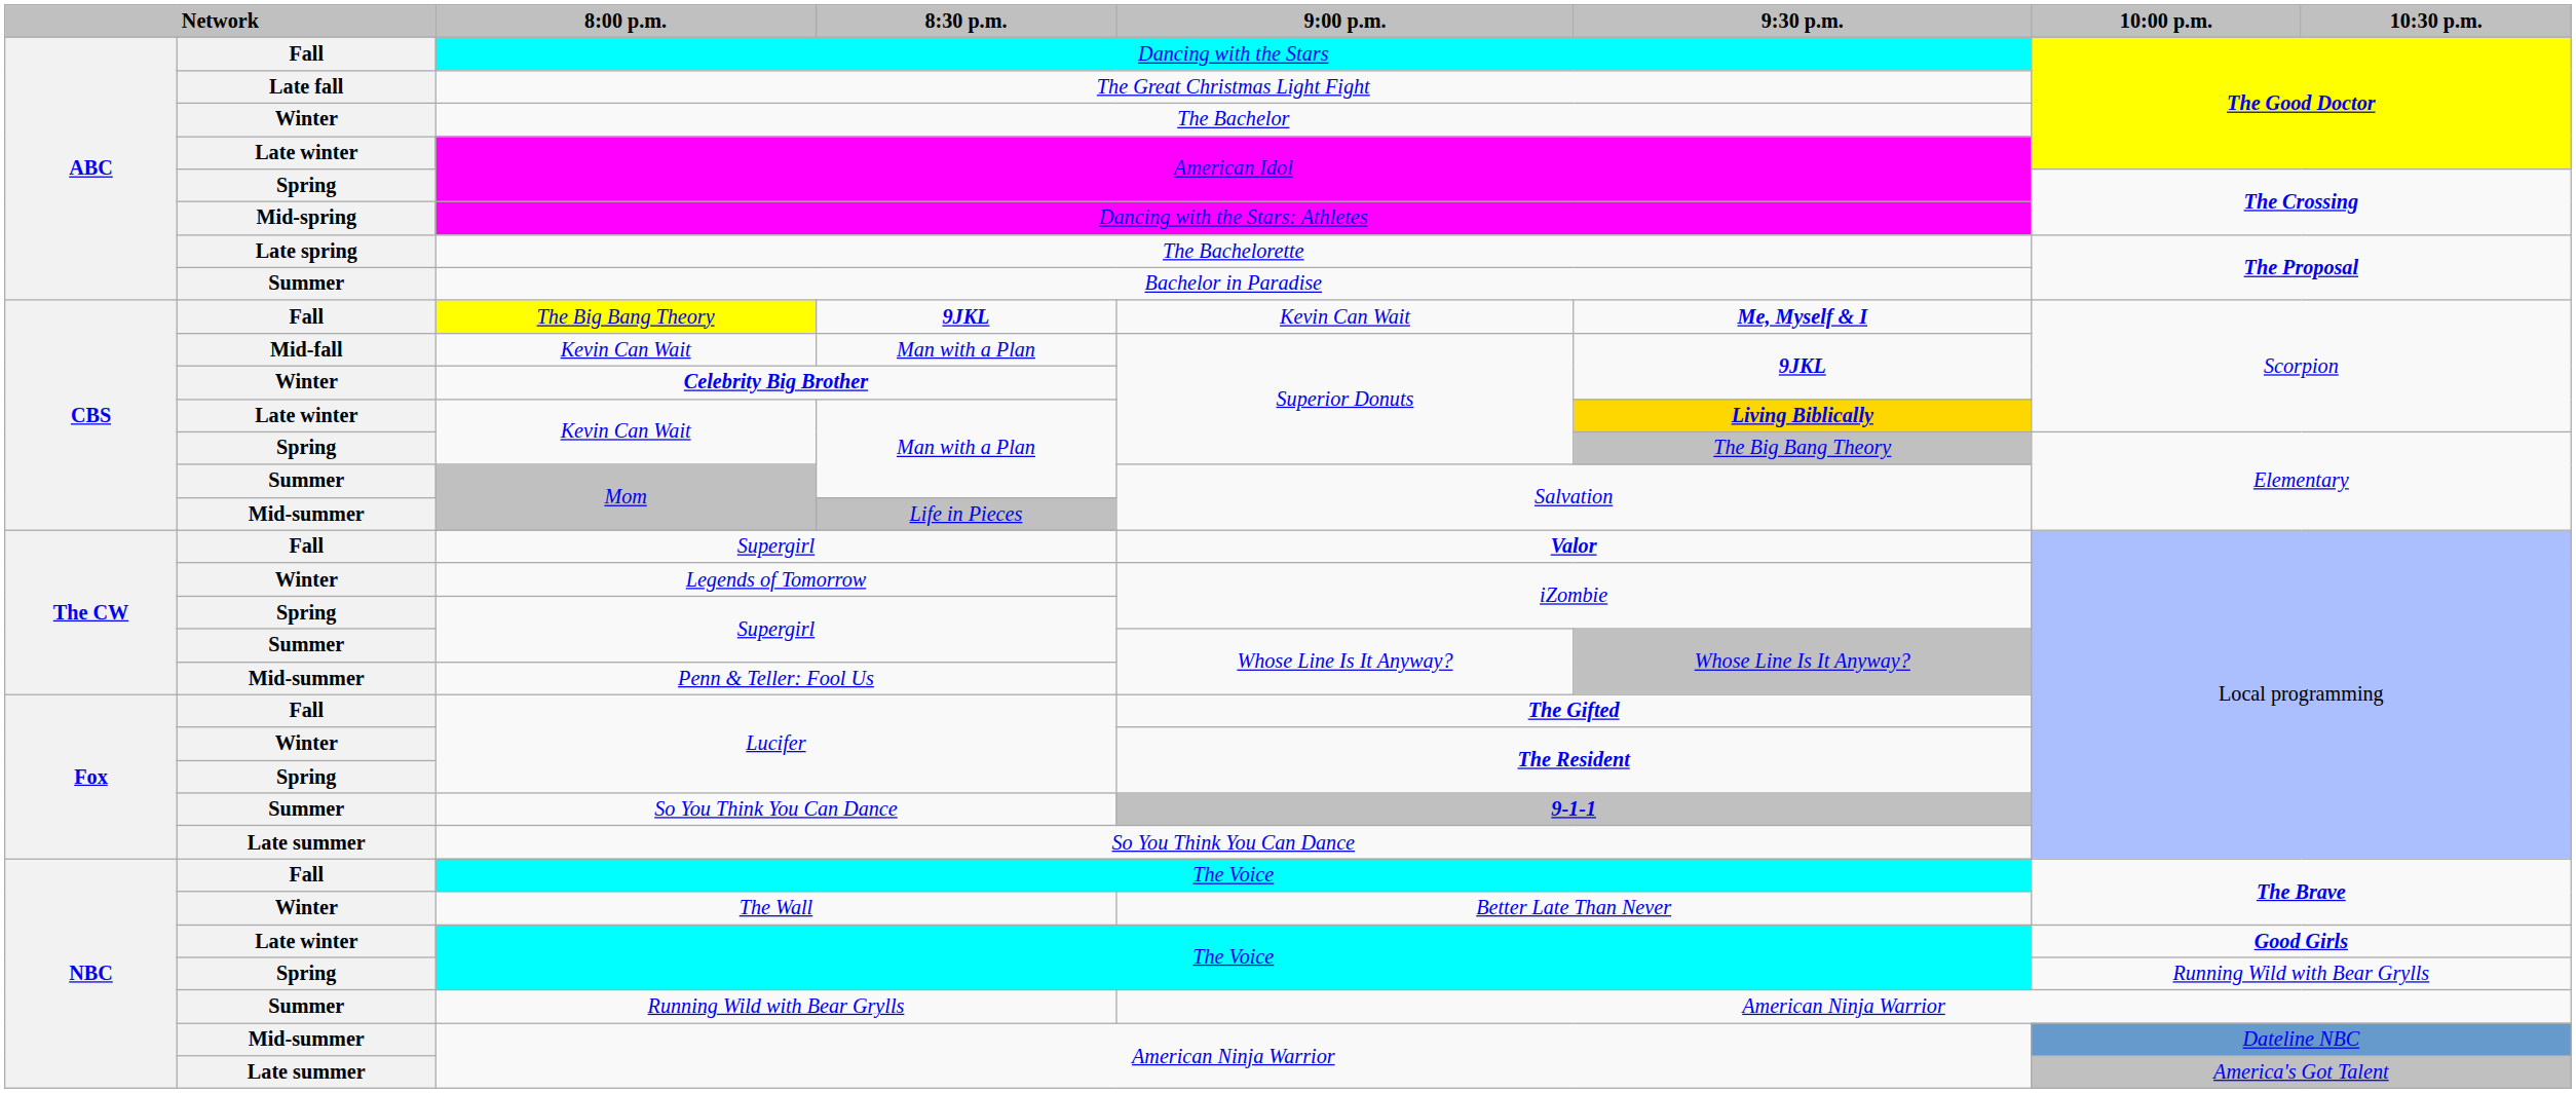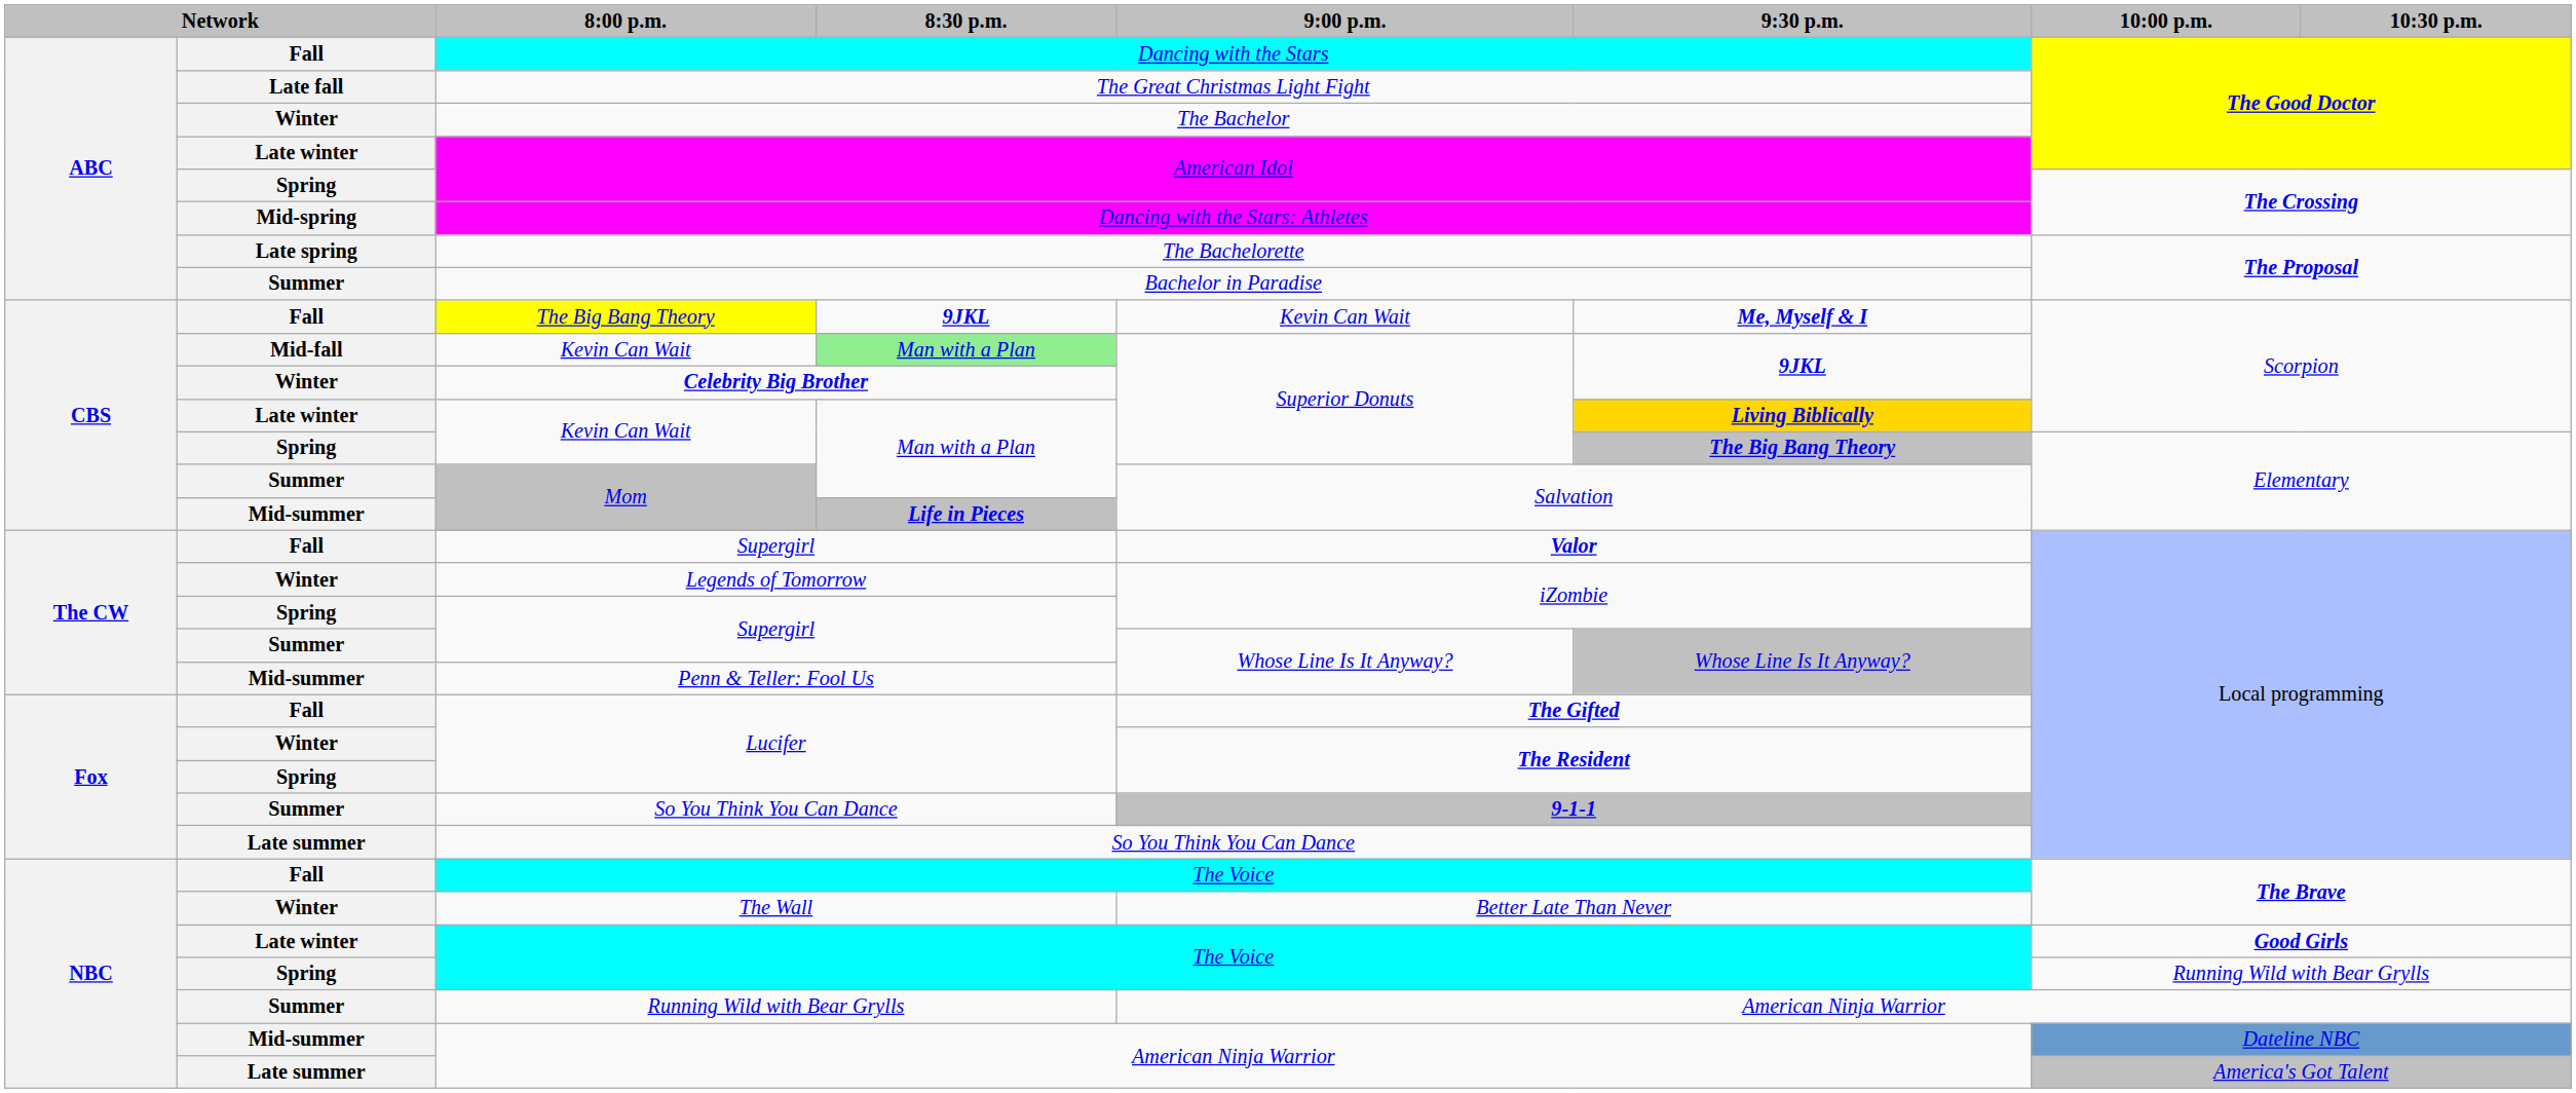 <table class="wikitable" style="width:100%;margin-right:0;text-align:center">
 <tr>
 <th colspan="2" style="background-color:#C0C0C0;text-align:center">Network</th>
 <th style="background-color:#C0C0C0;text-align:center">8:00 p.m.</th>
 <th style="background-color:#C0C0C0;text-align:center">8:30 p.m.</th>
 <th style="background-color:#C0C0C0;text-align:center">9:00 p.m.</th>
 <th style="background-color:#C0C0C0;text-align:center">9:30 p.m.</th>
 <th style="background-color:#C0C0C0;text-align:center">10:00 p.m.</th>
 <th style="background-color:#C0C0C0;text-align:center">10:30 p.m.</th>
 </tr>
 <tr>
 <th rowspan="8"><a href='#'>ABC</a></th>
 <th>Fall</th>
 <td colspan="4" style="background:#00FFFF;"><em><a href='#'>Dancing with the Stars</a></em> </td>
 <td rowspan="4" colspan="2" style="background:#FFFF00;"><strong><em><a href='#'>The Good Doctor</a></em></strong> </td>
 </tr>
 <tr>
 <th>Late fall</th>
 <td colspan="4"><em><a href='#'>The Great Christmas Light Fight</a></em></td>
 </tr>
 <tr>
 <th>Winter</th>
 <td colspan="4"><em><a href='#'>The Bachelor</a></em></td>
 </tr>
 <tr>
 <th>Late winter</th>
 <td rowspan="2" colspan="4" style="background:#FF00FF;"><em><a href='#'>American Idol</a></em> </td>
 </tr>
 <tr>
 <th>Spring</th>
 <td rowspan="2" colspan="2"><strong><em><a href='#'>The Crossing</a></em></strong></td>
 </tr>
 <tr>
 <th>Mid-spring</th>
 <td colspan="4" style="background:#FF00FF;"><em><a href='#'>Dancing with the Stars: Athletes</a></em> </td>
 </tr>
 <tr>
 <th>Late spring</th>
 <td colspan="4"><em><a href='#'>The Bachelorette</a></em></td>
 <td rowspan="2" colspan="2"><strong><em><a href='#'>The Proposal</a></em></strong></td>
 </tr>
 <tr>
 <th>Summer</th>
 <td colspan="4"><em><a href='#'>Bachelor in Paradise</a></em></td>
 </tr>
 <tr>
 <th rowspan="7"><a href='#'>CBS</a></th>
 <th>Fall</th>
 <td style="background:#FFFF00;"><em><a href='#'>The Big Bang Theory</a></em> </td>
 <td><strong><em><a href='#'>9JKL</a></em></strong></td>
 <td><em><a href='#'>Kevin Can Wait</a></em></td>
 <td><strong><em><a href='#'>Me, Myself & I</a></em></strong></td>
 <td rowspan="4" colspan="2"><em><a href='#'>Scorpion</a></em></td>
 </tr>
 <tr>
 <th>Mid-fall</th>
 <td><em><a href='#'>Kevin Can Wait</a></em></td>
-<td><em><a href='#'>Man with a Plan</a></em></td>
+<td style="background: lightgreen;"><em><a href='#'>Man with a Plan</a></em></td>
 <td rowspan="4"><em><a href='#'>Superior Donuts</a></em></td>
 <td rowspan="2"><strong><em><a href='#'>9JKL</a></em></strong></td>
 </tr>
 <tr>
 <th>Winter</th>
 <td colspan="2"><strong><em><a href='#'>Celebrity Big Brother</a></em></strong></td>
 </tr>
 <tr>
 <th>Late winter</th>
 <td rowspan="2"><em><a href='#'>Kevin Can Wait</a></em></td>
 <td rowspan="3"><em><a href='#'>Man with a Plan</a></em></td>
 <td style="background: gold;"><strong><em><a href='#'>Living Biblically</a></em></strong></td>
 </tr>
 <tr>
 <th>Spring</th>
-<td style="background:#C0C0C0;"><em><a href='#'>The Big Bang Theory</a></em> </td>
+<td style="background:#C0C0C0;"><strong><em><a href='#'>The Big Bang Theory</a></em> </strong></td>
 <td rowspan="3" colspan="2"><em><a href='#'>Elementary</a></em></td>
 </tr>
 <tr>
 <th>Summer</th>
 <td style="background:#C0C0C0;" rowspan="2"><em><a href='#'>Mom</a></em> </td>
 <td rowspan="2" colspan="2"><em><a href='#'>Salvation</a></em></td>
 </tr>
 <tr>
 <th>Mid-summer</th>
-<td style="background:#C0C0C0;"><em><a href='#'>Life in Pieces</a></em> </td>
+<td style="background:#C0C0C0;"><strong><em><a href='#'>Life in Pieces</a></em> </strong></td>
 </tr>
 <tr>
 <th rowspan="5"><a href='#'>The CW</a></th>
 <th>Fall</th>
 <td colspan="2"><em><a href='#'>Supergirl</a></em></td>
 <td colspan="2"><strong><em><a href='#'>Valor</a></em></strong></td>
 <td rowspan="10" colspan="2" style="background:#abbfff;">Local programming</td>
 </tr>
 <tr>
 <th>Winter</th>
 <td colspan="2"><em><a href='#'>Legends of Tomorrow</a></em></td>
 <td rowspan="2" colspan="2"><em><a href='#'>iZombie</a></em></td>
 </tr>
 <tr>
 <th>Spring</th>
 <td rowspan="2" colspan="2"><em><a href='#'>Supergirl</a></em></td>
 </tr>
 <tr>
 <th>Summer</th>
 <td rowspan="2"><em><a href='#'>Whose Line Is It Anyway?</a></em></td>
 <td style="background:#C0C0C0;" rowspan="2"><em><a href='#'>Whose Line Is It Anyway?</a></em> </td>
 </tr>
 <tr>
 <th>Mid-summer</th>
 <td colspan="2"><em><a href='#'>Penn & Teller: Fool Us</a></em></td>
 </tr>
 <tr>
 <th rowspan="5"><a href='#'>Fox</a></th>
 <th>Fall</th>
 <td rowspan="3" colspan="2"><em><a href='#'>Lucifer</a></em></td>
 <td colspan="2"><strong><em><a href='#'>The Gifted</a></em></strong></td>
 </tr>
 <tr>
 <th>Winter</th>
 <td rowspan="2" colspan="2"><strong><em><a href='#'>The Resident</a></em></strong></td>
 </tr>
 <tr>
 <th>Spring</th>
 </tr>
 <tr>
 <th>Summer</th>
 <td colspan="2"><em><a href='#'>So You Think You Can Dance</a></em></td>
 <td style="background:#C0C0C0;" colspan="2"><strong><em><a href='#'>9-1-1</a></em></strong> </td>
 </tr>
 <tr>
 <th>Late summer</th>
 <td colspan="4"><em><a href='#'>So You Think You Can Dance</a></em></td>
 </tr>
 <tr>
 <th rowspan="7"><a href='#'>NBC</a></th>
 <th>Fall</th>
 <td colspan="4" style="background:#00FFFF;"><em><a href='#'>The Voice</a></em> </td>
 <td rowspan="2" colspan="2"><strong><em><a href='#'>The Brave</a></em></strong></td>
 </tr>
 <tr>
 <th>Winter</th>
 <td colspan="2"><em><a href='#'>The Wall</a></em></td>
 <td colspan="2"><em><a href='#'>Better Late Than Never</a></em></td>
 </tr>
 <tr>
 <th>Late winter</th>
 <td rowspan="2" colspan="4" style="background:#00FFFF;"><em><a href='#'>The Voice</a></em> </td>
 <td colspan="2"><strong><em><a href='#'>Good Girls</a></em></strong></td>
 </tr>
 <tr>
 <th>Spring</th>
 <td colspan="2"><em><a href='#'>Running Wild with Bear Grylls</a></em></td>
 </tr>
 <tr>
 <th>Summer</th>
 <td colspan="2"><em><a href='#'>Running Wild with Bear Grylls</a></em></td>
 <td colspan="4"><em><a href='#'>American Ninja Warrior</a></em></td>
 </tr>
 <tr>
 <th>Mid-summer</th>
 <td rowspan="2" colspan="4"><em><a href='#'>American Ninja Warrior</a></em></td>
 <td colspan="2" style="background:#6699CC;"><em><a href='#'>Dateline NBC</a></em></td>
 </tr>
 <tr>
 <th>Late summer</th>
 <td style="background:#C0C0C0;" colspan="2"><em><a href='#'>America's Got Talent</a></em> </td>
 </tr>
 </table>
